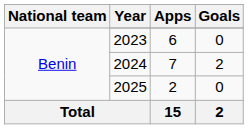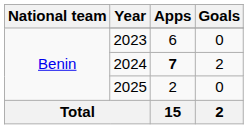 <table class="wikitable" style="text-align:center">
 <tr>
 <th>National team</th>
 <th>Year</th>
 <th>Apps</th>
 <th>Goals</th>
 </tr>
 <tr>
 <td rowspan="4"><a href='#'>Benin</a></td>
 </tr>
 <tr>
 <td>2023</td>
 <td>6</td>
 <td>0</td>
 </tr>
 <tr>
 <td>2024</td>
-<td>7</td>
+<td><strong>7</strong></td>
 <td>2</td>
 </tr>
 <tr>
 <td>2025</td>
 <td>2</td>
 <td>0</td>
 </tr>
 <tr>
 <th colspan="2">Total</th>
 <th>15</th>
 <th>2</th>
 </tr>
 </table>
